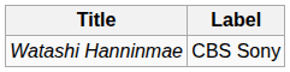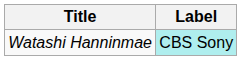 <table class="wikitable">
 <tr>
 <th>Title</th>
 <th>Label</th>
 </tr>
 <tr>
 <td><em>Watashi Hanninmae</em></td>
-<td>CBS Sony</td>
+<td style="background: paleturquoise;">CBS Sony</td>
 </tr>
 </table>
